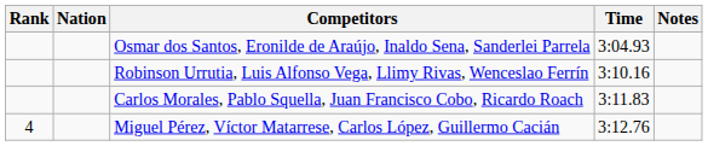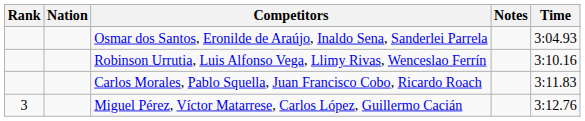 <table class="wikitable sortable" style="text-align:center">
 <tr>
 <th>Rank</th>
 <th>Nation</th>
 <th>Competitors</th>
+<th>Notes</th>
 <th>Time</th>
-<th>Notes</th>
 </tr>
 <tr>
 <td></td>
 <td align=left></td>
 <td align=left><a href='#'>Osmar dos Santos</a>, <a href='#'>Eronilde de Araújo</a>, <a href='#'>Inaldo Sena</a>, <a href='#'>Sanderlei Parrela</a></td>
+<td></td>
 <td>3:04.93</td>
-<td></td>
 </tr>
 <tr>
 <td></td>
 <td align=left></td>
 <td align=left><a href='#'>Robinson Urrutia</a>, <a href='#'>Luis Alfonso Vega</a>, <a href='#'>Llimy Rivas</a>, <a href='#'>Wenceslao Ferrín</a></td>
+<td></td>
 <td>3:10.16</td>
-<td></td>
 </tr>
 <tr>
 <td></td>
 <td align=left></td>
 <td align=left><a href='#'>Carlos Morales</a>, <a href='#'>Pablo Squella</a>, <a href='#'>Juan Francisco Cobo</a>, <a href='#'>Ricardo Roach</a></td>
+<td></td>
 <td>3:11.83</td>
-<td></td>
 </tr>
 <tr>
-<td>4</td>
+<td>3</td>
 <td align=left></td>
 <td align=left><a href='#'>Miguel Pérez</a>, <a href='#'>Víctor Matarrese</a>, <a href='#'>Carlos López</a>, <a href='#'>Guillermo Cacián</a></td>
+<td></td>
 <td>3:12.76</td>
-<td></td>
 </tr>
 </table>
